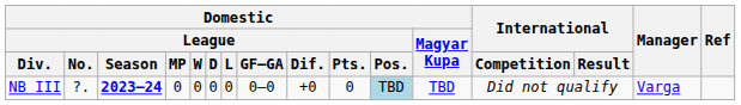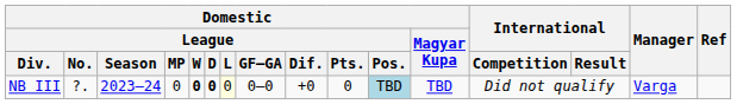 <table class="wikitable"  style="text-align:center">
 <tr>
 <th colspan="12">Domestic</th>
 <th colspan="2" rowspan="2">International</th>
 <th rowspan="3">Manager</th>
 <th rowspan="3">Ref</th>
 </tr>
 <tr>
 <th colspan="11">League</th>
 <th rowspan="2"><a href='#'>Magyar<br>Kupa</a></th>
 </tr>
 <tr>
 <th>Div.</th>
 <th>No.</th>
 <th>Season</th>
 <th>MP</th>
 <th>W</th>
 <th>D</th>
 <th>L</th>
 <th>GF–GA</th>
 <th>Dif.</th>
 <th>Pts.</th>
 <th>Pos.</th>
 <th>Competition</th>
 <th>Result</th>
 </tr>
 <tr>
 <td><a href='#'>NB III</a></td>
 <td>?.</td>
-<td><strong><a href='#'>2023–24</a></strong></td>
+<td><a href='#'>2023–24</a></td>
 <td>0</td>
-<td>0</td>
-<td>0</td>
-<td>0</td>
+<td><strong>0</strong></td>
+<td><strong>0</strong></td>
+<td style="background: lightyellow;">0</td>
 <td>0–0</td>
 <td>+0</td>
 <td>0</td>
 <td style="background: lightblue;">TBD</td>
 <td><a href='#'>TBD</a></td>
 <td colspan="2" rowspan="1"><em>Did not qualify</em></td>
 <td style="text-align:left"> <a href='#'>Varga</a></td>
 <td></td>
 </tr>
 </table>
